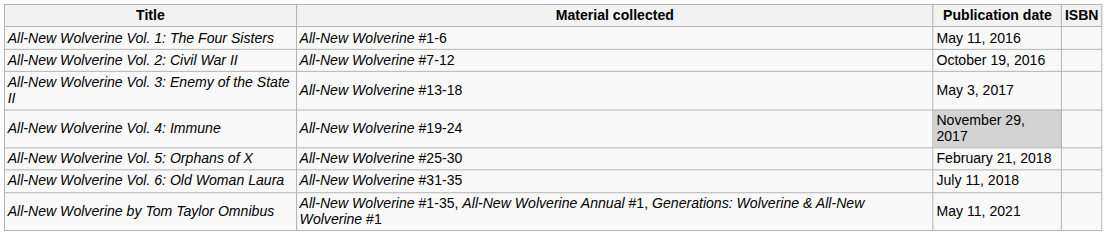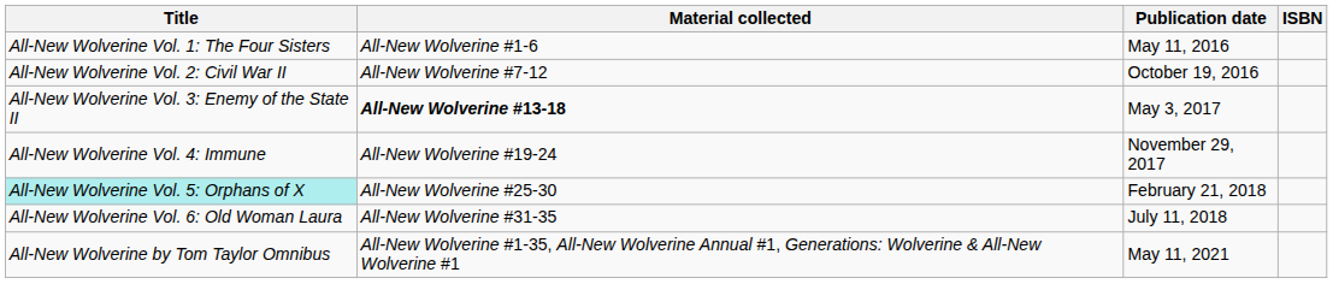 <table class="wikitable">
 <tr>
 <th>Title</th>
 <th>Material collected</th>
 <th>Publication date</th>
 <th>ISBN</th>
 </tr>
 <tr>
 <td><em>All-New Wolverine Vol. 1: The Four Sisters</em></td>
 <td><em>All-New Wolverine</em> #1-6</td>
 <td>May 11, 2016</td>
 <td></td>
 </tr>
 <tr>
 <td><em>All-New Wolverine Vol. 2:</em> <em>Civil War II</em></td>
 <td><em>All-New Wolverine</em> #7-12</td>
 <td>October 19, 2016</td>
 <td></td>
 </tr>
 <tr>
 <td><em>All-New Wolverine Vol. 3:</em> <em>Enemy of the State II</em></td>
-<td><em>All-New Wolverine</em> #13-18</td>
+<td><strong><em>All-New Wolverine</em> #13-18</strong></td>
 <td>May 3, 2017</td>
 <td></td>
 </tr>
 <tr>
 <td><em>All-New Wolverine Vol. 4:</em> <em>Immune</em></td>
 <td><em>All-New Wolverine</em> #19-24</td>
-<td style="background: lightgrey;">November 29, 2017</td>
+<td>November 29, 2017</td>
 <td></td>
 </tr>
 <tr>
-<td><em>All-New Wolverine Vol. 5:</em> <em>Orphans of X</em></td>
+<td style="background: paleturquoise;"><em>All-New Wolverine Vol. 5:</em> <em>Orphans of X</em></td>
 <td><em>All-New Wolverine</em> #25-30</td>
 <td>February 21, 2018</td>
 <td></td>
 </tr>
 <tr>
 <td><em>All-New Wolverine Vol. 6:</em> <em>Old Woman Laura</em></td>
 <td><em>All-New Wolverine</em> #31-35</td>
 <td>July 11, 2018</td>
 <td></td>
 </tr>
 <tr>
 <td><em>All-New Wolverine by Tom Taylor Omnibus</em></td>
 <td><em>All-New Wolverine</em>  #1-35, <em>All-New Wolverine Annual</em> #1, <em>Generations: Wolverine & All-New Wolverine</em> #1</td>
 <td>May 11, 2021</td>
 <td></td>
 </tr>
 </table>
